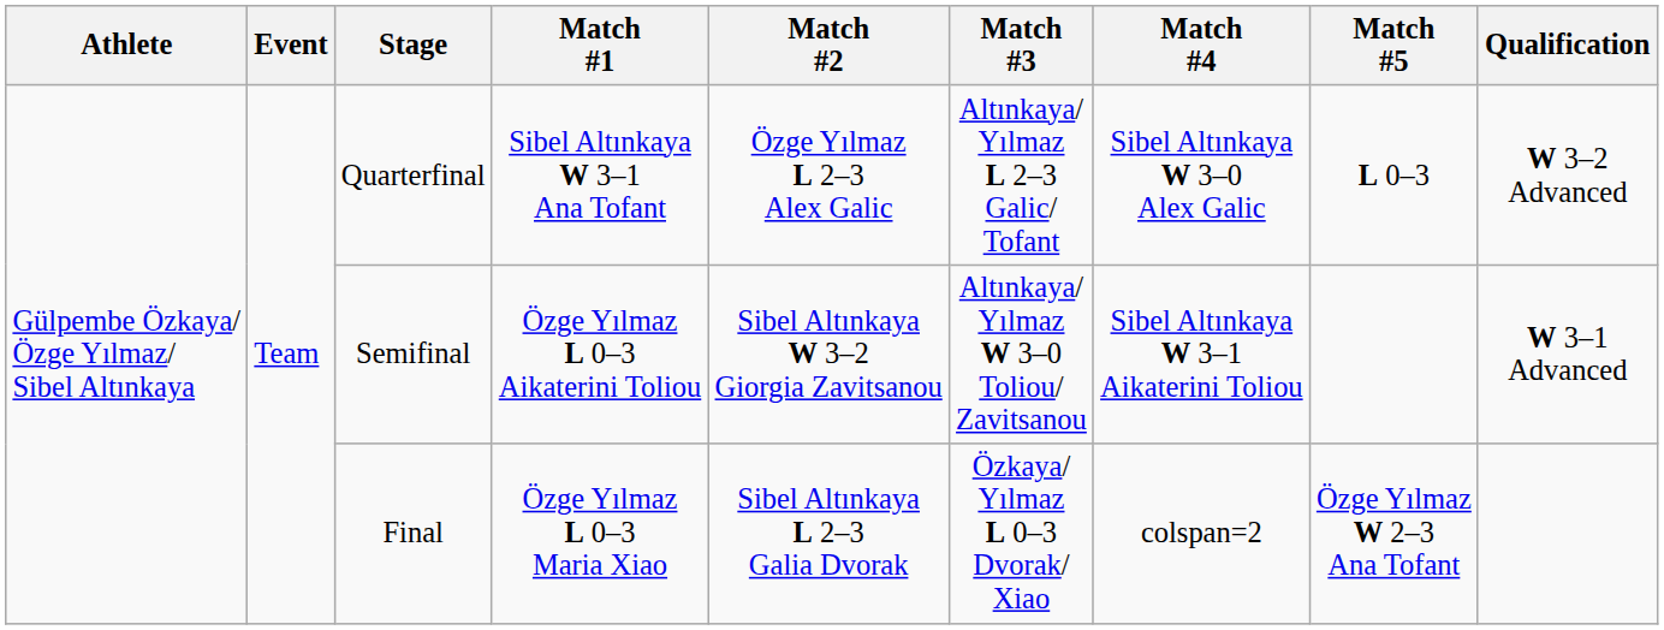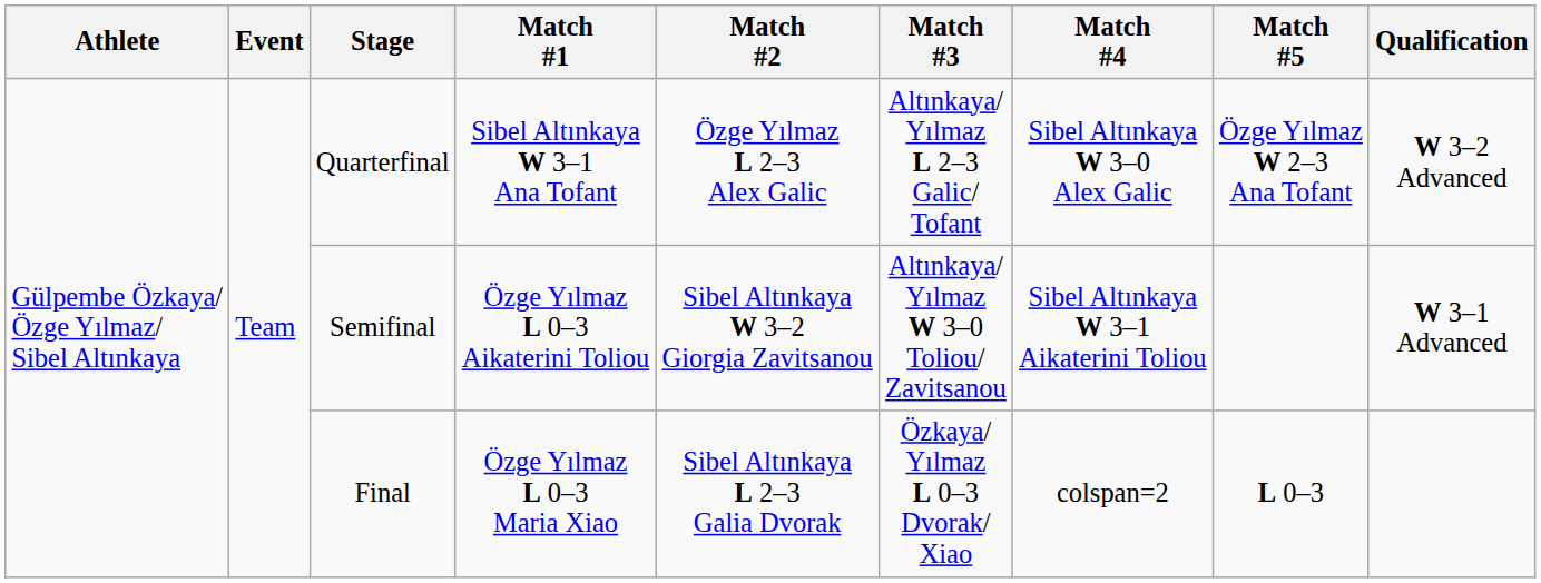 <table class=wikitable>
 <tr>
 <th>Athlete</th>
 <th>Event</th>
 <th>Stage</th>
 <th>Match<br>#1</th>
 <th>Match<br>#2</th>
 <th>Match<br>#3</th>
 <th>Match<br>#4</th>
 <th>Match<br>#5</th>
 <th>Qualification</th>
 </tr>
 <tr align=center>
 <td align=left rowspan=3><a href='#'>Gülpembe Özkaya</a>/<br><a href='#'>Özge Yılmaz</a>/<br><a href='#'>Sibel Altınkaya</a></td>
 <td align=left rowspan=3><a href='#'>Team</a></td>
 <td>Quarterfinal</td>
 <td><a href='#'>Sibel Altınkaya</a><br><strong>W</strong> 3–1<br> <a href='#'>Ana Tofant</a></td>
 <td><a href='#'>Özge Yılmaz</a><br><strong>L</strong> 2–3<br> <a href='#'>Alex Galic</a></td>
 <td><a href='#'>Altınkaya</a>/<br><a href='#'>Yılmaz</a><br><strong>L</strong> 2–3<br> <a href='#'>Galic</a>/<br><a href='#'>Tofant</a></td>
 <td><a href='#'>Sibel Altınkaya</a><br><strong>W</strong> 3–0<br> <a href='#'>Alex Galic</a></td>
-<td><strong>L</strong> 0–3<br></td>
+<td><a href='#'>Özge Yılmaz</a><br><strong>W</strong> 2–3<br> <a href='#'>Ana Tofant</a></td>
 <td><strong>W</strong> 3–2<br>Advanced</td>
 </tr>
 <tr align=center>
 <td>Semifinal</td>
 <td><a href='#'>Özge Yılmaz</a><br><strong>L</strong> 0–3<br> <a href='#'>Aikaterini Toliou</a></td>
 <td><a href='#'>Sibel Altınkaya</a><br><strong>W</strong> 3–2<br> <a href='#'>Giorgia Zavitsanou</a></td>
 <td><a href='#'>Altınkaya</a>/<br><a href='#'>Yılmaz</a><br><strong>W</strong> 3–0<br> <a href='#'>Toliou</a>/<br><a href='#'>Zavitsanou</a></td>
 <td><a href='#'>Sibel Altınkaya</a><br><strong>W</strong> 3–1<br>  <a href='#'>Aikaterini Toliou</a></td>
 <td></td>
 <td><strong>W</strong> 3–1<br>Advanced</td>
 </tr>
 <tr align=center>
 <td>Final</td>
 <td><a href='#'>Özge Yılmaz</a><br><strong>L</strong> 0–3<br> <a href='#'>Maria Xiao</a></td>
 <td><a href='#'>Sibel Altınkaya</a><br><strong>L</strong> 2–3<br> <a href='#'>Galia Dvorak</a></td>
 <td><a href='#'>Özkaya</a>/<br><a href='#'>Yılmaz</a><br><strong>L</strong> 0–3<br> <a href='#'>Dvorak</a>/<br><a href='#'>Xiao</a></td>
 <td>colspan=2 </td>
-<td><a href='#'>Özge Yılmaz</a><br><strong>W</strong> 2–3<br> <a href='#'>Ana Tofant</a></td>
+<td><strong>L</strong> 0–3<br></td>
 </tr>
 </table>
